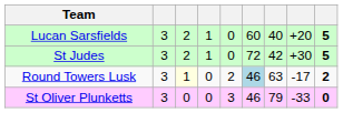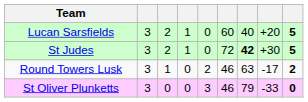 <table class="wikitable" style="text-align:center">
 <tr>
 <th style="width:175px;">Team</th>
 <th width="20"></th>
 <th width="20"></th>
 <th width="20"></th>
 <th width="20"></th>
 <th width="20"></th>
 <th width="20"></th>
 <th width="20"></th>
 <th width="20"></th>
 </tr>
 <tr style="background:#cfc;">
 <td><a href='#'>Lucan Sarsfields</a></td>
 <td>3</td>
 <td>2</td>
 <td>1</td>
 <td>0</td>
 <td>60</td>
 <td>40</td>
 <td>+20</td>
 <td><strong>5</strong></td>
 </tr>
 <tr style="background:#cfc;">
 <td><a href='#'>St Judes</a></td>
 <td>3</td>
 <td>2</td>
 <td>1</td>
 <td>0</td>
 <td>72</td>
-<td>42</td>
+<td><strong>42</strong></td>
 <td>+30</td>
 <td><strong>5</strong></td>
 </tr>
 <tr>
 <td><a href='#'>Round Towers Lusk</a></td>
 <td>3</td>
-<td style="background: lightyellow;">1</td>
+<td>1</td>
 <td>0</td>
 <td>2</td>
-<td style="background: lightblue;">46</td>
+<td>46</td>
 <td>63</td>
 <td>-17</td>
 <td><strong>2</strong></td>
 </tr>
 <tr style="background:#fcf;">
 <td><a href='#'>St Oliver Plunketts</a></td>
 <td>3</td>
 <td>0</td>
 <td>0</td>
 <td>3</td>
 <td>46</td>
 <td>79</td>
 <td>-33</td>
 <td><strong>0</strong></td>
 </tr>
 </table>
